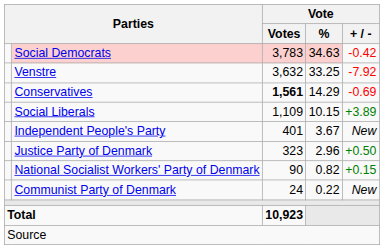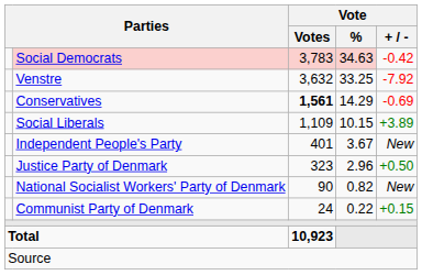 <table class="wikitable" style="text-align:right;">
 <tr>
 <th style="text-align:centre;" rowspan="2" colspan="2" width="225">Parties</th>
 <th colspan="3">Vote</th>
 </tr>
 <tr>
 <th width="15">Votes</th>
 <th width="15">%</th>
 <th width="15">+ / -</th>
 </tr>
 <tr>
 <td width="2" style="color:inherit;background:"></td>
 <td bgcolor=#fbd0ce  align="left"><a href='#'>Social Democrats</a></td>
 <td bgcolor=#fbd0ce>3,783</td>
 <td bgcolor=#fbd0ce>34.63</td>
 <td style=color:red;>-0.42</td>
 </tr>
 <tr>
 <td width="2" style="color:inherit;background:"></td>
 <td align="left"><a href='#'>Venstre</a></td>
 <td>3,632</td>
 <td>33.25</td>
 <td style=color:red;>-7.92</td>
 </tr>
 <tr>
 <td width="2" style="color:inherit;background:"></td>
 <td align="left"><a href='#'>Conservatives</a></td>
 <td><strong>1,561</strong></td>
 <td>14.29</td>
 <td style=color:red;>-0.69</td>
 </tr>
 <tr>
 <td width="2" style="color:inherit;background:"></td>
 <td align="left"><a href='#'>Social Liberals</a></td>
 <td>1,109</td>
 <td>10.15</td>
 <td style=color:green;>+3.89</td>
 </tr>
 <tr>
 <td width="2" style="color:inherit;background:"></td>
 <td align="left"><a href='#'>Independent People's Party</a></td>
 <td>401</td>
 <td>3.67</td>
 <td><em>New</em></td>
 </tr>
 <tr>
 <td width="2" style="color:inherit;background:"></td>
 <td align="left"><a href='#'>Justice Party of Denmark</a></td>
 <td>323</td>
 <td>2.96</td>
 <td style=color:green;>+0.50</td>
 </tr>
 <tr>
 <td width="2" style="color:inherit;background:"></td>
 <td align="left"><a href='#'>National Socialist Workers' Party of Denmark</a></td>
 <td>90</td>
 <td>0.82</td>
-<td style=color:green;>+0.15</td>
+<td><em>New</em></td>
 </tr>
 <tr>
 <td width="2" style="color:inherit;background:"></td>
 <td align="left"><a href='#'>Communist Party of Denmark</a></td>
 <td>24</td>
 <td>0.22</td>
-<td><em>New</em></td>
+<td style=color:green;>+0.15</td>
 </tr>
 <tr>
 <td colspan="7" bgcolor="#E9E9E9"></td>
 </tr>
 <tr>
 <td align="left" colspan="2"><strong>Total</strong></td>
 <td><strong>10,923</strong></td>
 <td bgcolor="#E9E9E9" colspan="2"></td>
 </tr>
 <tr>
 <td align="left" colspan="6">Source</td>
 </tr>
 </table>
